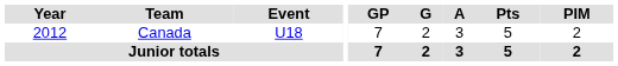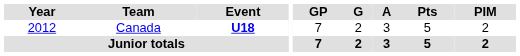 <table border="0" cellpadding="1" cellspacing="0" ID="Table3" style="text-align:center; width:40em">
 <tr ALIGN="center" bgcolor="#e0e0e0">
 <th>Year</th>
 <th>Team</th>
 <th>Event</th>
 <th rowspan="99" bgcolor="#ffffff"></th>
 <th>GP</th>
 <th>G</th>
 <th>A</th>
 <th>Pts</th>
 <th>PIM</th>
 </tr>
 <tr>
 <td><a href='#'>2012</a></td>
 <td><a href='#'>Canada</a></td>
-<td><a href='#'>U18</a></td>
+<td><strong><a href='#'>U18</a></strong></td>
 <td>7</td>
 <td>2</td>
 <td>3</td>
 <td>5</td>
 <td>2</td>
 </tr>
 <tr bgcolor="#e0e0e0">
 <th colspan="3">Junior totals</th>
 <th>7</th>
 <th>2</th>
 <th>3</th>
 <th>5</th>
 <th>2</th>
 </tr>
 </table>
